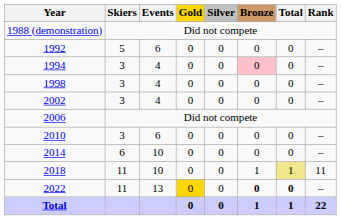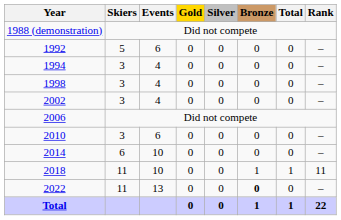 <table class="wikitable sortable collapsible collapsed">
 <tr>
 <th>Year</th>
 <th>Skiers</th>
 <th>Events</th>
 <th style="text-align:center; background-color:gold;"><strong>Gold</strong></th>
 <th style="text-align:center; background-color:silver;"><strong>Silver</strong></th>
 <th style="text-align:center; background-color:#c96;"><strong>Bronze</strong></th>
 <th>Total</th>
 <th>Rank</th>
 </tr>
 <tr style="text-align:center">
 <td><a href='#'>1988 (demonstration)</a></td>
 <td colspan=7 rowspan=1>Did not compete</td>
 </tr>
 <tr style="text-align:center">
 <td><a href='#'>1992</a></td>
 <td>5</td>
 <td>6</td>
 <td>0</td>
 <td>0</td>
 <td>0</td>
 <td>0</td>
 <td>–</td>
 </tr>
 <tr style="text-align:center">
 <td><a href='#'>1994</a></td>
 <td>3</td>
 <td>4</td>
 <td>0</td>
 <td>0</td>
-<td style="background: pink;">0</td>
+<td>0</td>
 <td>0</td>
 <td>–</td>
 </tr>
 <tr style="text-align:center">
 <td><a href='#'>1998</a></td>
 <td>3</td>
 <td>4</td>
 <td>0</td>
 <td>0</td>
 <td>0</td>
 <td>0</td>
 <td>–</td>
 </tr>
 <tr style="text-align:center">
 <td><a href='#'>2002</a></td>
 <td>3</td>
 <td>4</td>
 <td>0</td>
 <td>0</td>
 <td>0</td>
 <td>0</td>
 <td>–</td>
 </tr>
 <tr style="text-align:center">
 <td><a href='#'>2006</a></td>
 <td colspan=7 rowspan=1>Did not compete</td>
 </tr>
 <tr style="text-align:center">
 <td><a href='#'>2010</a></td>
 <td>3</td>
 <td>6</td>
 <td>0</td>
 <td>0</td>
 <td>0</td>
 <td>0</td>
 <td>–</td>
 </tr>
 <tr style="text-align:center">
 <td><a href='#'>2014</a></td>
 <td>6</td>
 <td>10</td>
 <td>0</td>
 <td>0</td>
 <td>0</td>
 <td>0</td>
 <td>–</td>
 </tr>
 <tr style="text-align:center">
 <td><a href='#'>2018</a></td>
 <td>11</td>
 <td>10</td>
 <td>0</td>
 <td>0</td>
 <td>1</td>
-<td style="background: khaki;">1</td>
+<td>1</td>
 <td>11</td>
 </tr>
 <tr style="text-align:center">
 <td><a href='#'>2022</a></td>
 <td>11</td>
 <td>13</td>
-<td style="background: gold;">0</td>
+<td>0</td>
 <td>0</td>
 <td><strong>0</strong></td>
-<td><strong>0</strong></td>
+<td>0</td>
 <td>–</td>
 </tr>
 <tr style="text-align:center; background-color:#ccf;">
 <td><strong><a href='#'>Total</a></strong></td>
 <td></td>
 <td></td>
 <td><strong>0</strong></td>
 <td><strong>0</strong></td>
 <td><strong>1</strong></td>
 <td><strong>1</strong></td>
 <td><strong>22</strong></td>
 </tr>
 </table>
